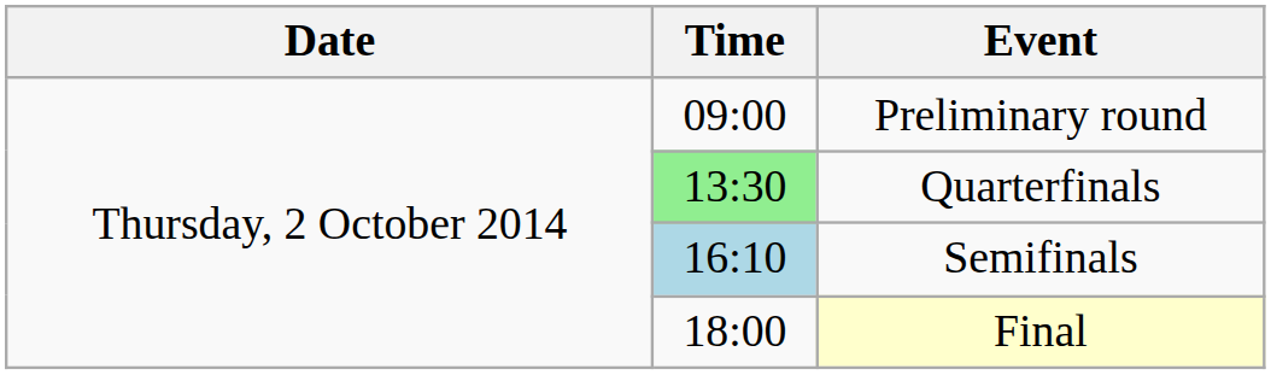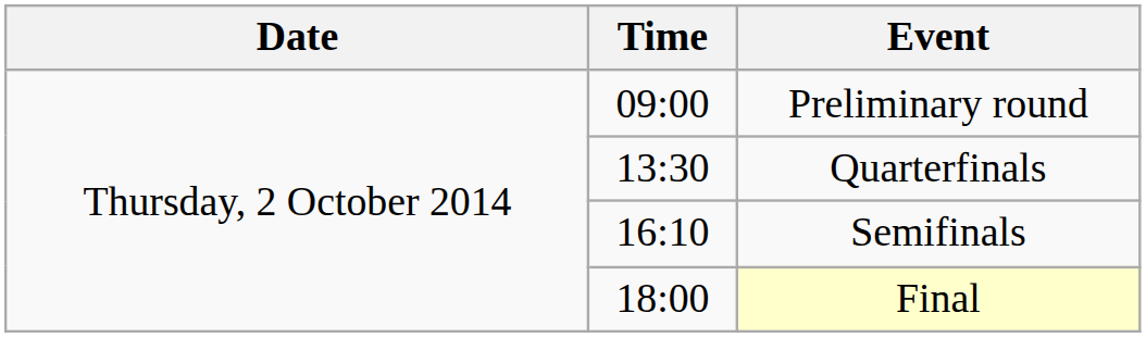 <table class = "wikitable" style="text-align:center;">
 <tr>
 <th width=220>Date</th>
 <th width=50>Time</th>
 <th width=150>Event</th>
 </tr>
 <tr>
 <td rowspan=4>Thursday, 2 October 2014</td>
 <td>09:00</td>
 <td>Preliminary round</td>
 </tr>
 <tr>
-<td style="background: lightgreen;">13:30</td>
+<td>13:30</td>
 <td>Quarterfinals</td>
 </tr>
 <tr>
-<td style="background: lightblue;">16:10</td>
+<td>16:10</td>
 <td>Semifinals</td>
 </tr>
 <tr>
 <td>18:00</td>
 <td bgcolor=ffffcc>Final</td>
 </tr>
 </table>
